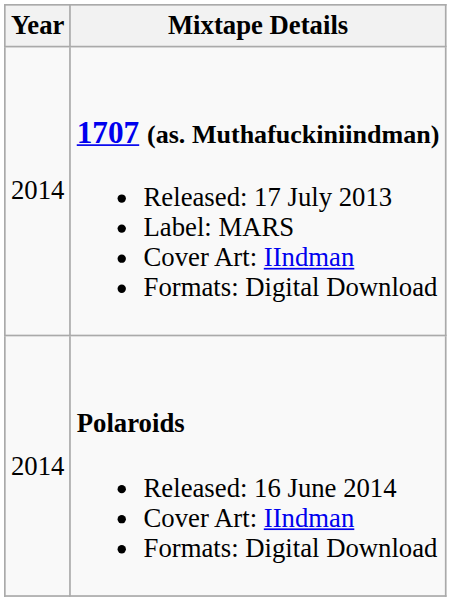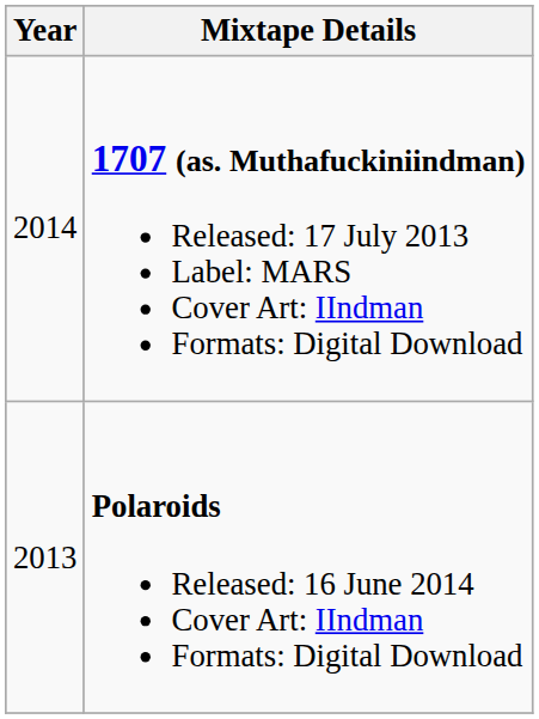 <table class="wikitable" style="text-align:centre; ">
 <tr>
 <th>Year</th>
 <th>Mixtape Details</th>
 </tr>
 <tr>
 <td>2014</td>
 <td align="left"><br><h3><a href='#'>1707</a> <small>(as. Muthafuckiniindman)</small></h3><ul><li>Released: 17 July 2013</li><li>Label: MARS</li><li>Cover Art: <a href='#'>IIndman</a></li><li>Formats: Digital Download</li></ul></td>
 </tr>
 <tr>
-<td>2014</td>
+<td>2013</td>
 <td><br><h4>Polaroids</h4><ul><li>Released: 16 June 2014</li><li>Cover Art: <a href='#'>IIndman</a></li><li>Formats: Digital Download</li></ul></td>
 </tr>
 </table>
